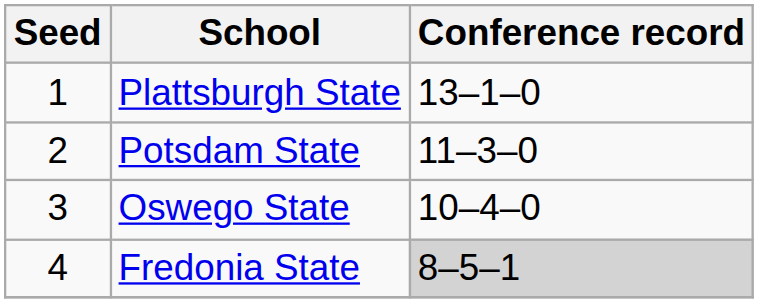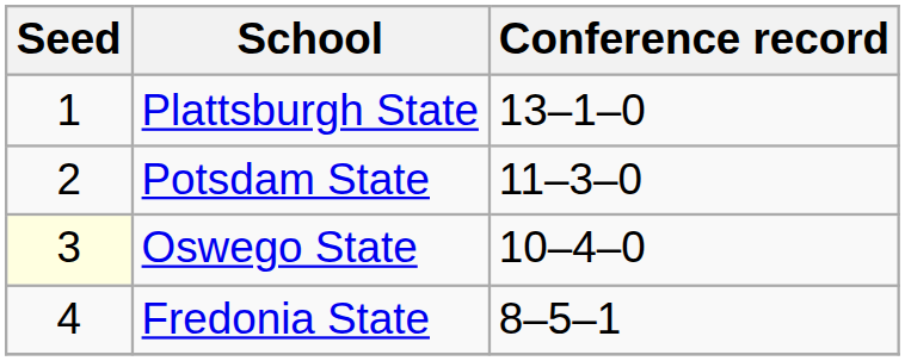 <table class="wikitable">
 <tr>
 <th>Seed</th>
 <th>School</th>
 <th>Conference record</th>
 </tr>
 <tr>
 <td align=center>1</td>
 <td><a href='#'>Plattsburgh State</a></td>
 <td>13–1–0</td>
 </tr>
 <tr>
 <td align=center>2</td>
 <td><a href='#'>Potsdam State</a></td>
 <td>11–3–0</td>
 </tr>
 <tr>
-<td align=center>3</td>
+<td align=center style="background: lightyellow;">3</td>
 <td><a href='#'>Oswego State</a></td>
 <td>10–4–0</td>
 </tr>
 <tr>
 <td align=center>4</td>
 <td><a href='#'>Fredonia State</a></td>
-<td style="background: lightgrey;">8–5–1</td>
+<td>8–5–1</td>
 </tr>
 <tr>
 </tr>
 </table>
